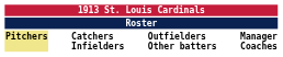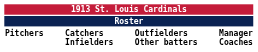 <table class="toccolours" style="font-size: 95%;">
 <tr>
 <th colspan="10" style="background-color: #c41c3a; color: white; text-align: center;">1913 St. Louis Cardinals</th>
 </tr>
 <tr>
 <td colspan="10" style="background-color: #0a2252; color: white; text-align: center;"><strong>Roster</strong></td>
 </tr>
 <tr>
-<td valign="top" style="background: khaki;"><strong>Pitchers</strong><br>              </td>
+<td valign="top"><strong>Pitchers</strong><br>              </td>
 <td width="25px"></td>
 <td valign="top"><strong>Catchers</strong><br>      <strong>Infielders</strong>        </td>
 <td width="25px"></td>
 <td valign="top"><strong>Outfielders</strong><br>        <strong>Other batters</strong>   </td>
 <td width="25px"></td>
 <td valign="top"><strong>Manager</strong><br> <strong>Coaches</strong>  </td>
 </tr>
 </table>
